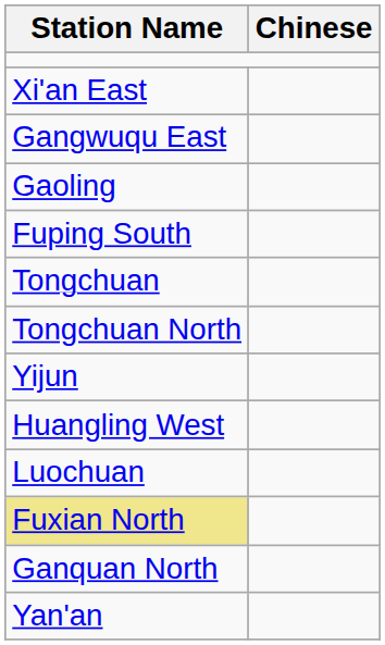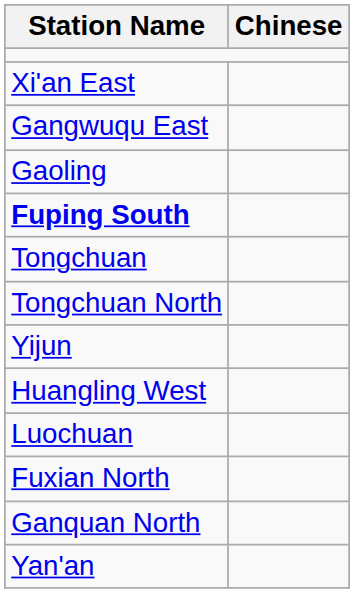 <table class="wikitable">
 <tr>
 <th>Station Name</th>
 <th>Chinese<br>  </th>
 </tr>
 <tr style="background:#">
 <td colspan = "11"></td>
 </tr>
 <tr>
 <td><a href='#'>Xi'an East</a></td>
 <td><br></td>
 </tr>
 <tr>
 <td><a href='#'>Gangwuqu East</a></td>
 <td></td>
 </tr>
 <tr>
 <td><a href='#'>Gaoling</a></td>
 <td></td>
 </tr>
 <tr>
-<td><a href='#'>Fuping South</a></td>
+<td><strong><a href='#'>Fuping South</a></strong></td>
 <td></td>
 </tr>
 <tr>
 <td><a href='#'>Tongchuan</a></td>
 <td></td>
 </tr>
 <tr>
 <td><a href='#'>Tongchuan North</a></td>
 <td></td>
 </tr>
 <tr>
 <td><a href='#'>Yijun</a></td>
 <td></td>
 </tr>
 <tr>
 <td><a href='#'>Huangling West</a></td>
 <td></td>
 </tr>
 <tr>
 <td><a href='#'>Luochuan</a></td>
 <td></td>
 </tr>
 <tr>
-<td style="background: khaki;"><a href='#'>Fuxian North</a></td>
+<td><a href='#'>Fuxian North</a></td>
 <td></td>
 </tr>
 <tr>
 <td><a href='#'>Ganquan North</a></td>
 <td></td>
 </tr>
 <tr>
 <td><a href='#'>Yan'an</a></td>
 <td></td>
 </tr>
 </table>
